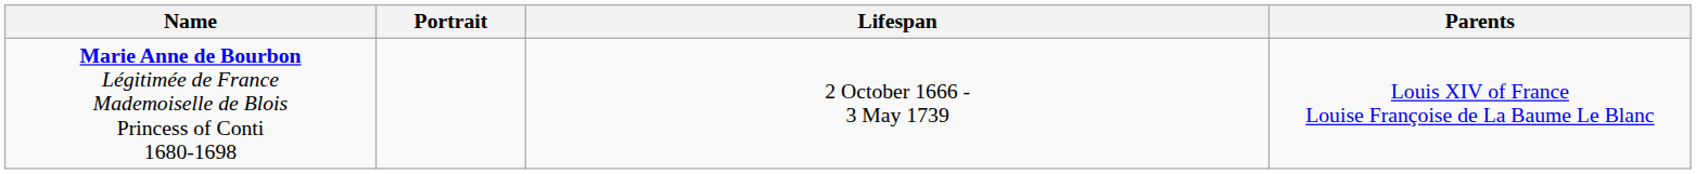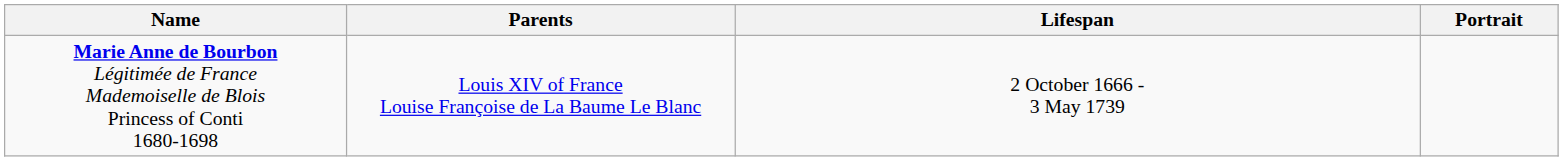 <table style="text-align:center; width:100%" class="wikitable">
 <tr>
 <th width=22%>Name</th>
+<th width=25%>Parents</th>
+<th>Lifespan</th>
 <th width=105px>Portrait</th>
-<th>Lifespan</th>
-<th width=25%>Parents</th>
 </tr>
 <tr>
 <td><strong><a href='#'>Marie Anne de Bourbon</a></strong><br><em>Légitimée de France</em><br><em>Mademoiselle de Blois</em><br>Princess of Conti<br>1680-1698</td>
+<td><a href='#'>Louis XIV of France</a><br><a href='#'>Louise Françoise de La Baume Le Blanc</a></td>
+<td>2 October 1666 -<br>3 May 1739</td>
 <td></td>
-<td>2 October 1666 -<br>3 May 1739</td>
-<td><a href='#'>Louis XIV of France</a><br><a href='#'>Louise Françoise de La Baume Le Blanc</a></td>
 </tr>
 </table>
